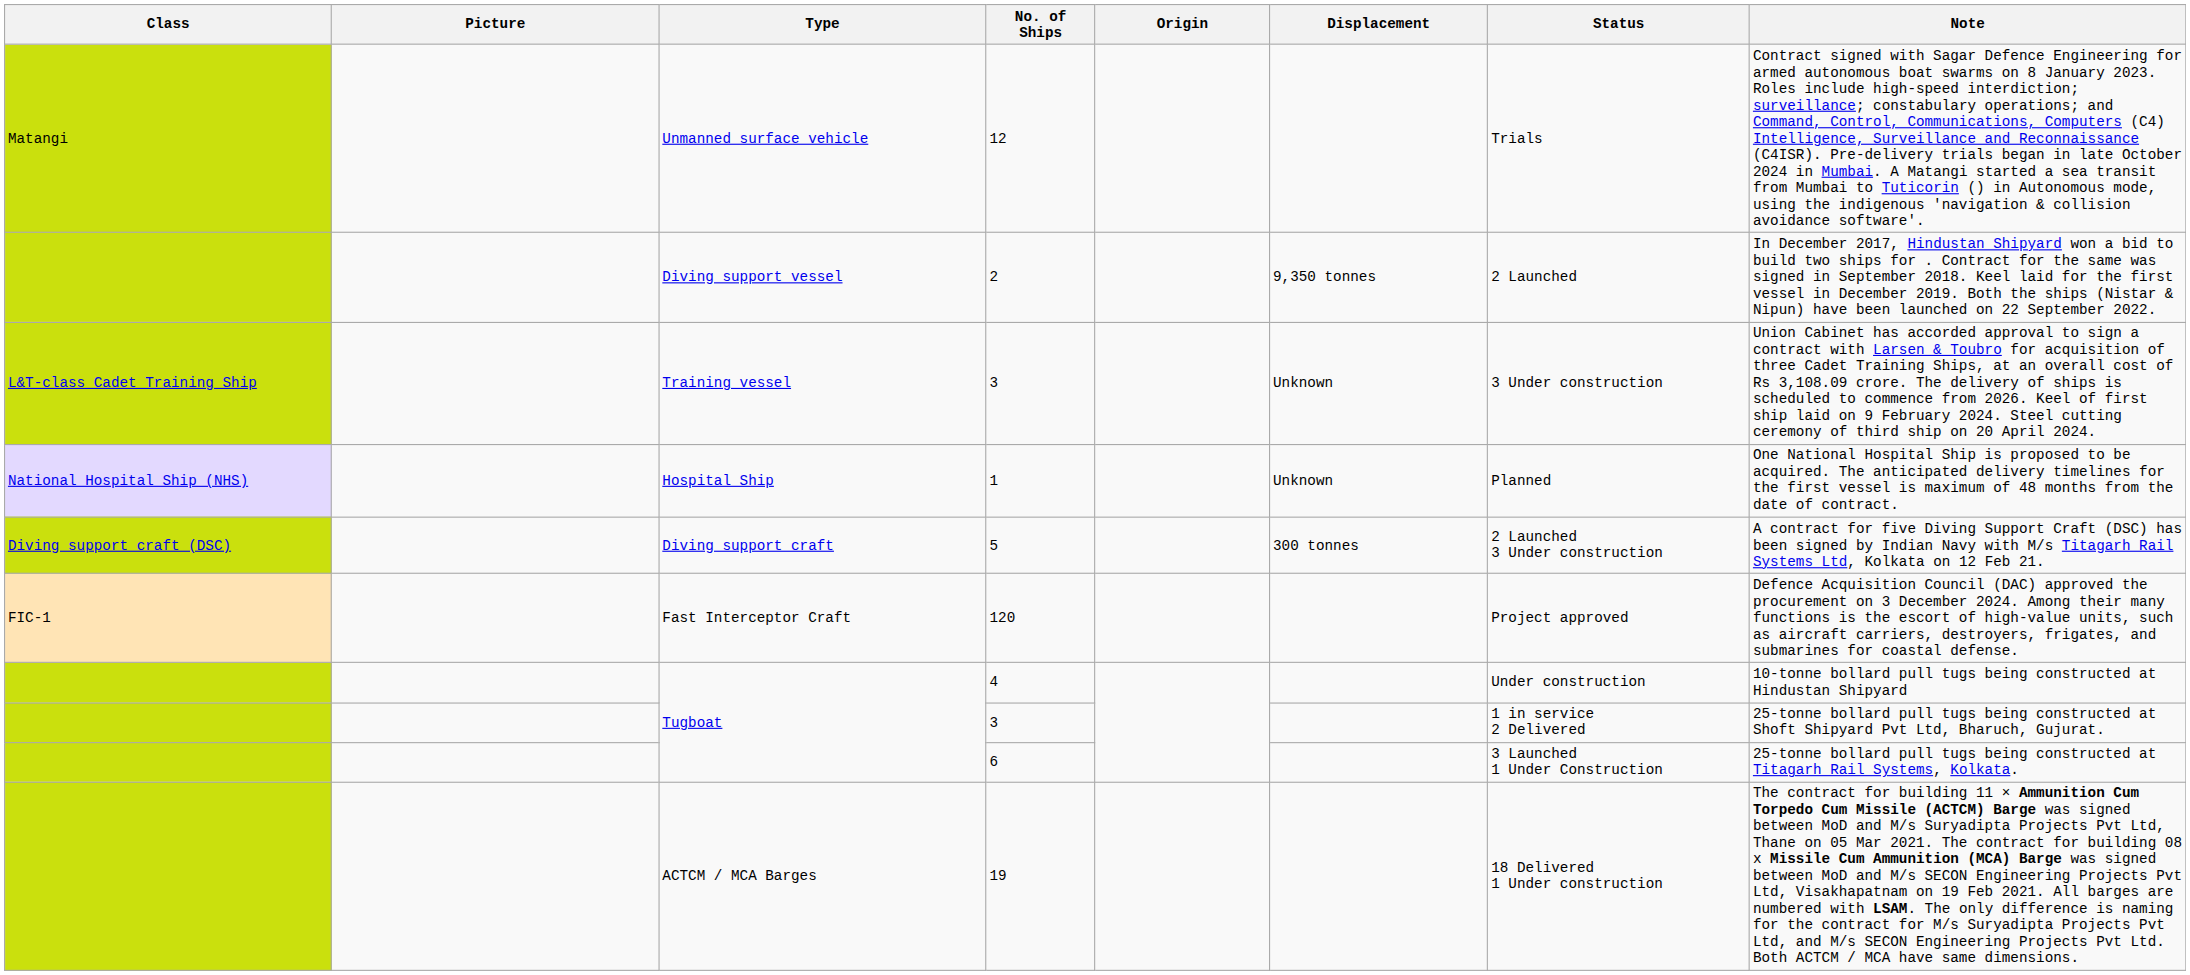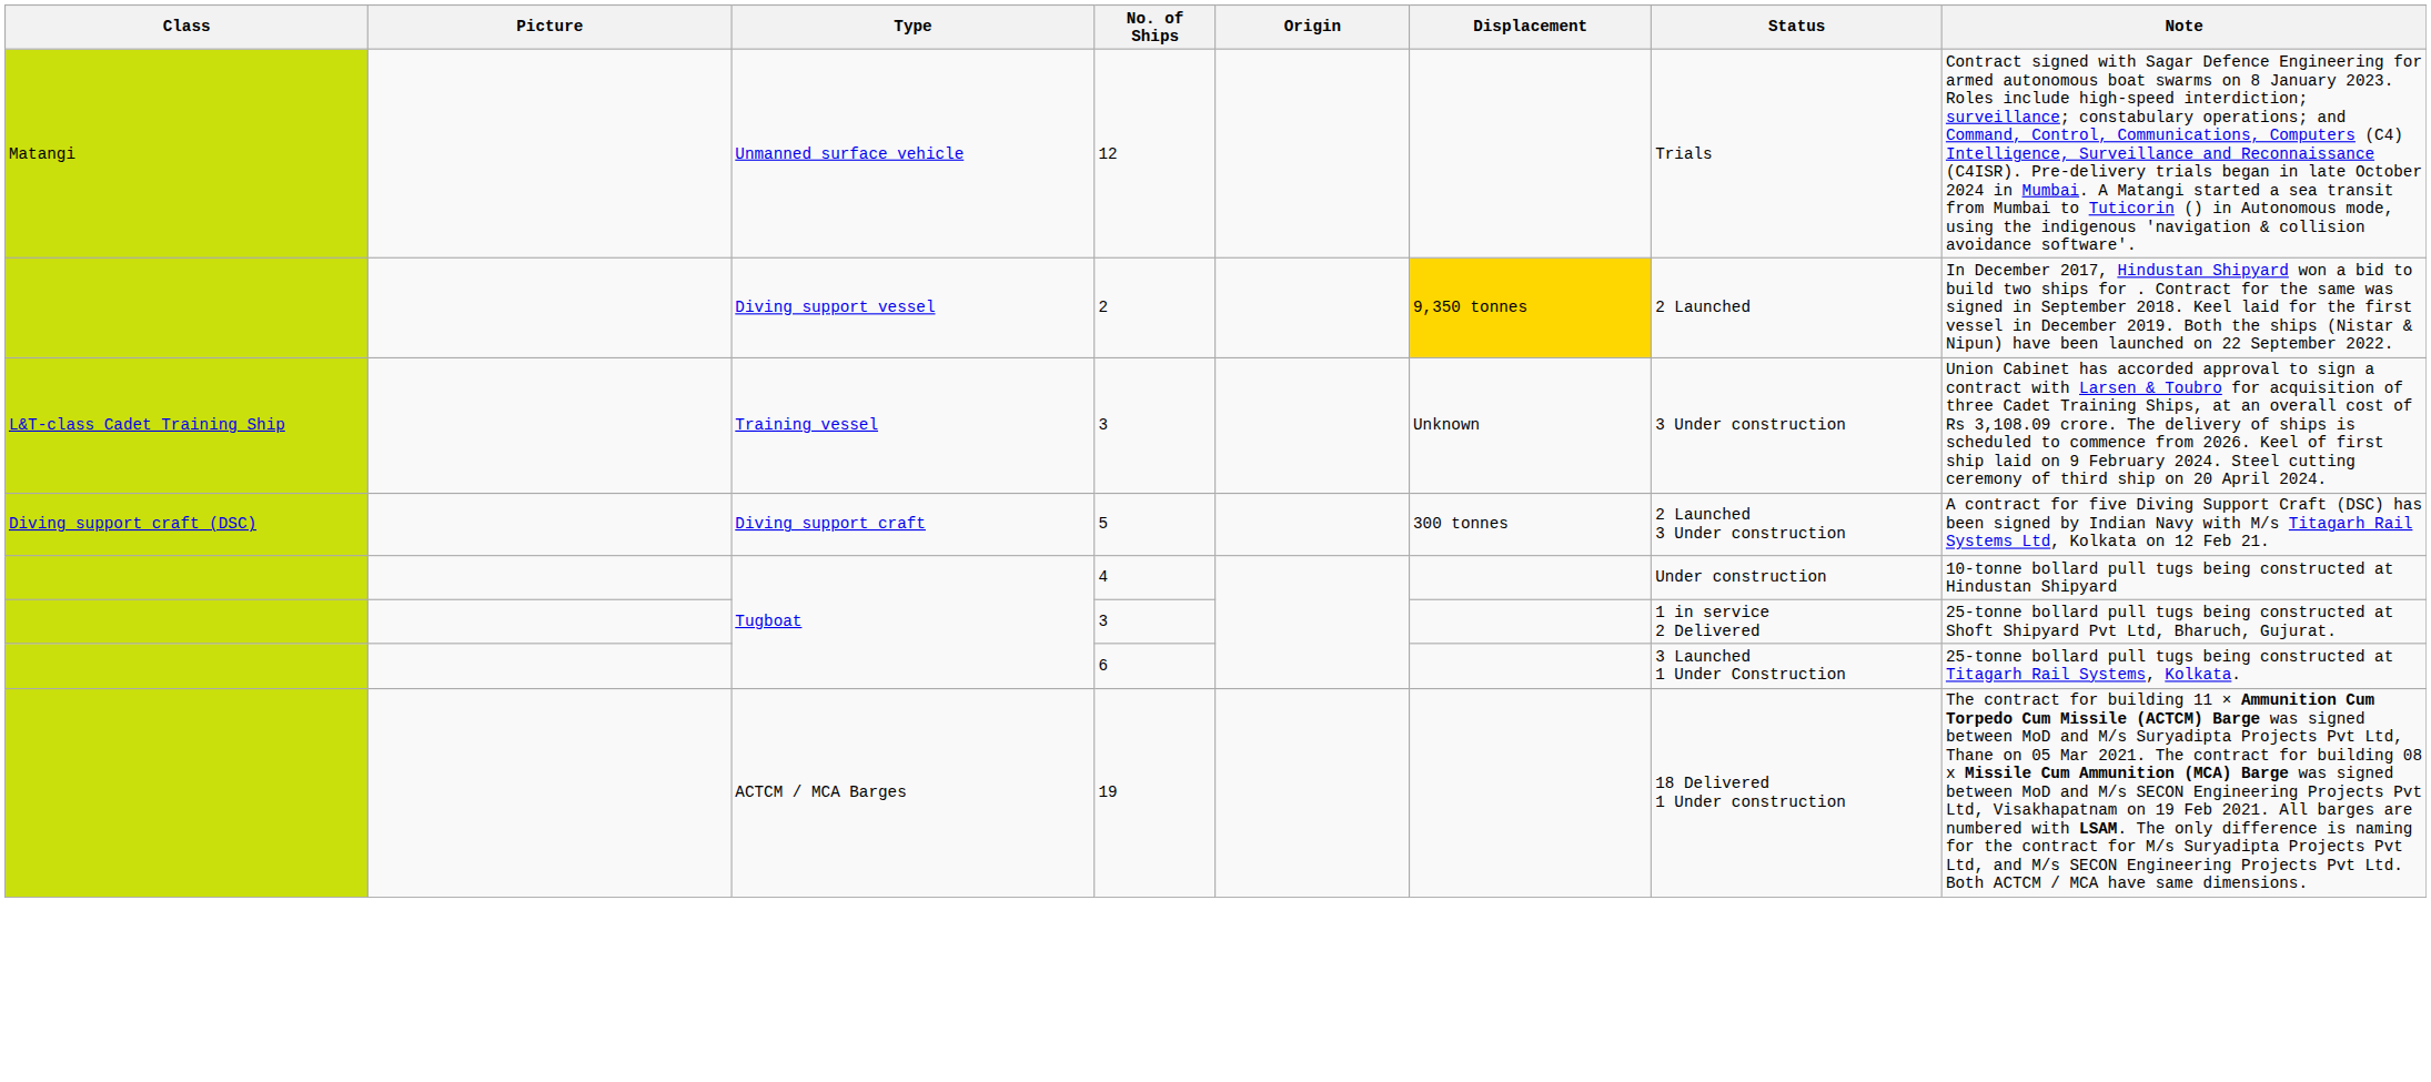 <table class="wikitable" style="margin:auto; width:100%;">
 <tr>
 <th style="text-align:centre; width:15%;">Class</th>
 <th style="text-align:centre; width:15%;">Picture</th>
 <th style="text-align:centre; width:15%;">Type</th>
 <th style="text-align:centre; width:5%;">No. of Ships</th>
 <th style="text-align:centre; width:8%;">Origin</th>
 <th style="text-align:centre; width:10%;">Displacement</th>
 <th style="text-align:centre; width:12%;">Status</th>
 <th style="text-align:centre; width:42%;">Note</th>
 </tr>
 <tr>
 <td style="background: #CAE00D">Matangi</td>
 <td></td>
 <td><a href='#'>Unmanned surface vehicle</a></td>
 <td>12</td>
 <td></td>
 <td></td>
 <td>Trials</td>
 <td>Contract signed with Sagar Defence Engineering for armed autonomous boat swarms on 8 January 2023. Roles include high-speed interdiction; <a href='#'>surveillance</a>; constabulary operations; and <a href='#'>Command, Control, Communications, Computers</a> (C4) <a href='#'>Intelligence, Surveillance and Reconnaissance</a> (C4ISR). Pre-delivery trials began in late October 2024 in <a href='#'>Mumbai</a>. A Matangi started a sea transit from Mumbai to <a href='#'>Tuticorin</a> () in Autonomous mode, using the indigenous 'navigation & collision avoidance software'.</td>
 </tr>
 <tr>
 <td style="background: #CAE00D"></td>
 <td></td>
 <td><a href='#'>Diving support vessel</a></td>
 <td>2</td>
 <td></td>
-<td>9,350 tonnes</td>
+<td style="background: gold;">9,350 tonnes</td>
 <td>2 Launched</td>
 <td>In December 2017, <a href='#'>Hindustan Shipyard</a> won a bid to build two ships for . Contract for the same was signed in September 2018. Keel laid for the first vessel in December 2019. Both the ships (Nistar & Nipun) have been launched on 22 September 2022.</td>
 </tr>
 <tr>
 <td style="background: #CAE00D"><a href='#'>L&T-class Cadet Training Ship</a></td>
 <td></td>
 <td><a href='#'>Training vessel</a></td>
 <td>3</td>
 <td></td>
 <td>Unknown</td>
 <td>3 Under construction</td>
 <td>Union Cabinet has accorded approval to sign a contract with <a href='#'>Larsen & Toubro</a> for acquisition of three Cadet Training Ships, at an overall cost of Rs 3,108.09 crore. The delivery of ships is scheduled to commence from 2026. Keel of first ship laid on 9 February 2024. Steel cutting ceremony of third ship on 20 April 2024.</td>
 </tr>
 <tr>
-<td style="background: #e3d9ff"><a href='#'>National Hospital Ship (NHS)</a></td>
-<td></td>
-<td><a href='#'>Hospital Ship</a></td>
-<td>1</td>
-<td></td>
-<td>Unknown</td>
-<td>Planned</td>
-<td>One  National Hospital  Ship  is  proposed  to  be  acquired.  The  anticipated  delivery  timelines  for  the first  vessel  is  maximum  of  48  months  from  the  date  of  contract.</td>
-</tr>
-<tr>
 <td style="background: #CAE00D"><a href='#'>Diving support craft (DSC)</a></td>
 <td></td>
 <td><a href='#'>Diving support craft</a></td>
 <td>5</td>
 <td></td>
 <td>300 tonnes</td>
 <td>2 Launched<br>3 Under construction</td>
 <td>A contract for five Diving Support Craft (DSC) has been signed by Indian Navy with M/s <a href='#'>Titagarh Rail Systems Ltd</a>, Kolkata on 12 Feb 21.</td>
-</tr>
-<tr>
-<td style="background: #FFE4B5">FIC-1</td>
-<td></td>
-<td>Fast Interceptor Craft</td>
-<td>120</td>
-<td></td>
-<td></td>
-<td>Project approved</td>
-<td>Defence Acquisition Council (DAC) approved the procurement on 3 December 2024. Among their many functions is the escort of high-value units, such as aircraft carriers, destroyers, frigates, and submarines for coastal defense.</td>
 </tr>
 <tr>
 <td style="background: #CAE00D"></td>
 <td></td>
 <td rowspan="3"><a href='#'>Tugboat</a></td>
 <td>4</td>
 <td rowspan="3"></td>
 <td></td>
 <td>Under construction</td>
 <td>10-tonne bollard pull tugs being constructed at Hindustan Shipyard</td>
 </tr>
 <tr>
 <td style="background: #CAE00D"></td>
 <td></td>
 <td>3</td>
 <td></td>
 <td>1 in service <br>2 Delivered</td>
 <td>25-tonne bollard pull tugs being constructed at Shoft Shipyard Pvt Ltd, Bharuch, Gujurat.</td>
 </tr>
 <tr>
 <td style="background: #CAE00D"></td>
 <td></td>
 <td>6</td>
 <td></td>
 <td>3 Launched <br>1 Under Construction</td>
 <td>25-tonne bollard pull tugs being constructed at <a href='#'>Titagarh Rail Systems</a>, <a href='#'>Kolkata</a>.</td>
 </tr>
 <tr>
 <td style="background: #CAE00D"></td>
 <td></td>
 <td>ACTCM / MCA Barges</td>
 <td>19</td>
 <td></td>
 <td></td>
 <td>18 Delivered <br>1 Under construction<br></td>
 <td>The contract for building 11 × <strong>Ammunition Cum Torpedo Cum Missile (ACTCM) Barge</strong> was signed between MoD and M/s Suryadipta Projects Pvt Ltd, Thane on 05 Mar 2021. The contract for building 08 x <strong>Missile Cum Ammunition (MCA) Barge</strong> was signed between MoD and M/s SECON Engineering Projects Pvt Ltd, Visakhapatnam on 19 Feb 2021. All barges are numbered with <strong>LSAM</strong>. The only difference is naming for the contract for M/s Suryadipta Projects Pvt Ltd, and  M/s SECON Engineering Projects Pvt Ltd. Both ACTCM / MCA have same dimensions.</td>
 </tr>
 </table>
